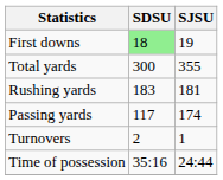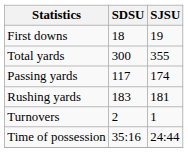 <table class="wikitable" style="float: left;">
 <tr>
 <th>Statistics</th>
 <th>SDSU</th>
 <th>SJSU</th>
 </tr>
 <tr>
 <td>First downs</td>
-<td style="background: lightgreen;">18</td>
+<td>18</td>
 <td>19</td>
 </tr>
 <tr>
 <td>Total yards</td>
 <td>300</td>
 <td>355</td>
 </tr>
 <tr>
+<td>Passing yards</td>
+<td>117</td>
+<td>174</td>
+</tr>
+<tr>
 <td>Rushing yards</td>
 <td>183</td>
 <td>181</td>
-</tr>
-<tr>
-<td>Passing yards</td>
-<td>117</td>
-<td>174</td>
 </tr>
 <tr>
 <td>Turnovers</td>
 <td>2</td>
 <td>1</td>
 </tr>
 <tr>
 <td>Time of possession</td>
 <td>35:16</td>
 <td>24:44</td>
 </tr>
 <tr>
 </tr>
 </table>
